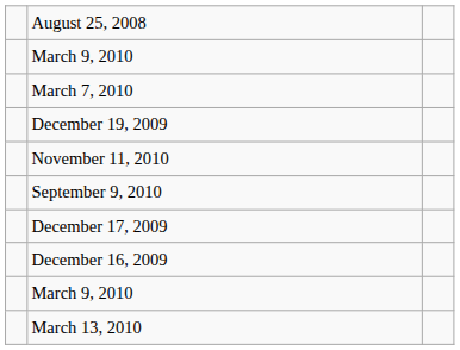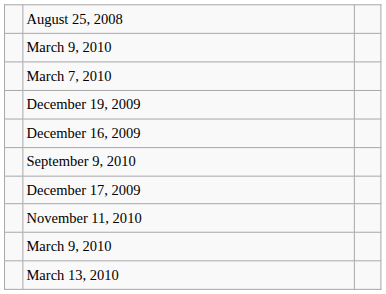 <table class="wikitable" style="font-size: 89%; float: left; width: 26em; margin-right: 1em; height: 280px;">
 <tr>
 <td></td>
 <td>August 25, 2008</td>
 <td> </td>
 </tr>
 <tr>
 <td></td>
 <td>March 9, 2010</td>
 <td> </td>
 </tr>
 <tr>
 <td><strong></strong></td>
 <td>March 7, 2010</td>
 <td> </td>
 </tr>
 <tr>
 <td></td>
 <td>December 19, 2009</td>
 <td></td>
 </tr>
 <tr>
-<td><strong></strong></td>
-<td>November 11, 2010</td>
-<td> </td>
+<td></td>
+<td>December 16, 2009</td>
+<td></td>
 </tr>
 <tr>
 <td></td>
 <td>September 9, 2010</td>
 <td> </td>
 </tr>
 <tr>
 <td><strong></strong></td>
 <td>December 17, 2009</td>
 <td></td>
 </tr>
 <tr>
-<td></td>
-<td>December 16, 2009</td>
-<td></td>
+<td><strong></strong></td>
+<td>November 11, 2010</td>
+<td> </td>
 </tr>
 <tr>
 <td></td>
 <td>March 9, 2010</td>
 <td> </td>
 </tr>
 <tr>
 <td></td>
 <td>March 13, 2010</td>
 <td> </td>
 </tr>
 </table>
